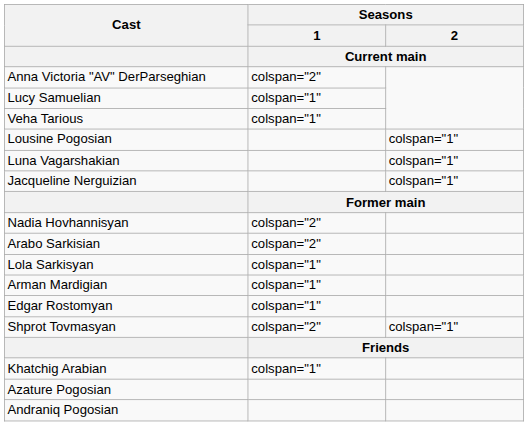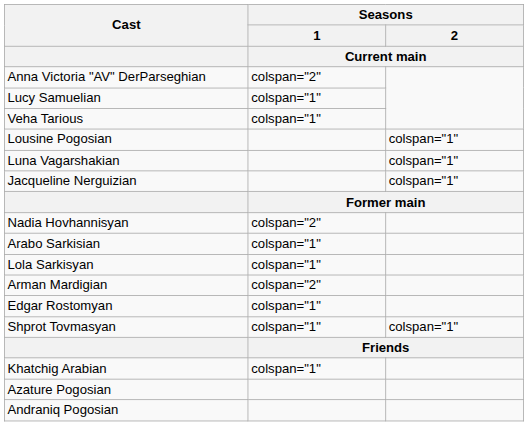 <table class="wikitable plainrowheaders" style="width:40%;">
 <tr>
 <th scope="col" rowspan="2" style="width:17%;">Cast</th>
 <th scope="col" colspan="5">Seasons</th>
 </tr>
 <tr>
 <th scope="col" style="width:7%;">1</th>
 <th scope="col" style="width:7%;">2</th>
 </tr>
 <tr>
 <th scope="col"></th>
 <th scope="col" colspan="2" style="width:45%;">Current main</th>
 </tr>
 <tr>
 <td scope="row">Anna Victoria "AV" DerParseghian</td>
 <td>colspan="2" </td>
 </tr>
 <tr>
 <td scope="row">Lucy Samuelian</td>
 <td>colspan="1" </td>
 </tr>
 <tr>
 <td scope="row">Veha Tarious</td>
 <td>colspan="1" </td>
 </tr>
 <tr>
 <td scope="row">Lousine Pogosian</td>
 <td></td>
 <td>colspan="1" </td>
 </tr>
 <tr>
 <td scope="row">Luna Vagarshakian</td>
 <td></td>
 <td>colspan="1" </td>
 </tr>
 <tr>
 <td scope="row">Jacqueline Nerguizian</td>
 <td></td>
 <td>colspan="1" </td>
 </tr>
 <tr>
 <th scope="col"></th>
 <th scope="col" colspan="5" style="width:35%;">Former main</th>
 </tr>
 <tr>
 <td scope="row">Nadia Hovhannisyan</td>
 <td>colspan="2" </td>
 <td></td>
 </tr>
 <tr>
 <td scope="row">Arabo Sarkisian</td>
-<td>colspan="2" </td>
+<td>colspan="1" </td>
 <td></td>
 </tr>
 <tr>
 <td scope="row">Lola Sarkisyan</td>
 <td>colspan="1" </td>
 <td></td>
 </tr>
 <tr>
 <td scope="row">Arman Mardigian</td>
-<td>colspan="1" </td>
+<td>colspan="2" </td>
 <td></td>
 </tr>
 <tr>
 <td scope="row">Edgar Rostomyan</td>
 <td>colspan="1" </td>
 <td></td>
 </tr>
 <tr>
 <td scope="row">Shprot Tovmasyan</td>
-<td>colspan="2" </td>
+<td>colspan="1" </td>
 <td>colspan="1" </td>
 </tr>
 <tr>
 <th scope="col"></th>
 <th scope="col" colspan="5" style="width:35%;">Friends</th>
 </tr>
 <tr>
 <td scope="row">Khatchig Arabian</td>
 <td>colspan="1" </td>
 </tr>
 <tr>
 <td scope="row">Azature Pogosian</td>
 <td></td>
 <td></td>
 </tr>
 <tr>
 <td scope="row">Andraniq Pogosian</td>
 <td></td>
 <td></td>
 </tr>
 </table>
